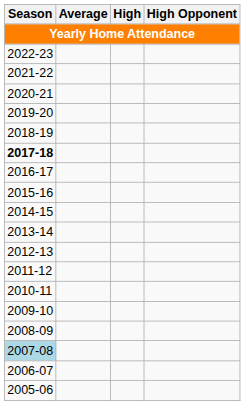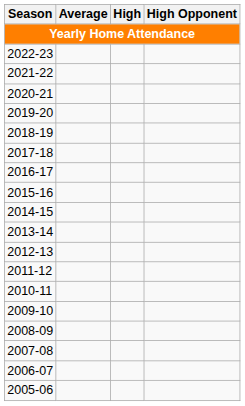 <table class="wikitable">
 <tr>
 <th>Season</th>
 <th>Average</th>
 <th>High</th>
 <th>High Opponent</th>
 </tr>
 <tr>
 <th colspan=4 style="background:#FF7F00; color:#FFFFFF;">Yearly Home Attendance</th>
 </tr>
 <tr>
 <td>2022-23</td>
 <td></td>
 <td></td>
 <td></td>
 </tr>
 <tr>
 <td>2021-22</td>
 <td></td>
 <td></td>
 <td></td>
 </tr>
 <tr>
 <td>2020-21</td>
 <td></td>
 <td></td>
 <td></td>
 </tr>
 <tr>
 <td>2019-20</td>
 <td></td>
 <td></td>
 <td></td>
 </tr>
 <tr>
 <td>2018-19</td>
 <td></td>
 <td></td>
 <td></td>
 </tr>
 <tr>
-<td><strong>2017-18</strong></td>
+<td>2017-18</td>
 <td></td>
 <td></td>
 <td></td>
 </tr>
 <tr>
 <td>2016-17</td>
 <td></td>
 <td></td>
 <td></td>
 </tr>
 <tr>
 <td>2015-16</td>
 <td></td>
 <td></td>
 <td></td>
 </tr>
 <tr>
 <td>2014-15</td>
 <td></td>
 <td></td>
 <td></td>
 </tr>
 <tr>
 <td>2013-14</td>
 <td></td>
 <td></td>
 <td></td>
 </tr>
 <tr>
 <td>2012-13</td>
 <td></td>
 <td></td>
 <td></td>
 </tr>
 <tr>
 <td>2011-12</td>
 <td></td>
 <td></td>
 <td></td>
 </tr>
 <tr>
 <td>2010-11</td>
 <td></td>
 <td></td>
 <td></td>
 </tr>
 <tr>
 <td>2009-10</td>
 <td></td>
 <td></td>
 <td></td>
 </tr>
 <tr>
 <td>2008-09</td>
 <td></td>
 <td></td>
 <td></td>
 </tr>
 <tr>
-<td style="background: lightblue;">2007-08</td>
+<td>2007-08</td>
 <td></td>
 <td></td>
 <td></td>
 </tr>
 <tr>
 <td>2006-07</td>
 <td></td>
 <td></td>
 <td></td>
 </tr>
 <tr>
 <td>2005-06</td>
 <td></td>
 <td></td>
 <td></td>
 </tr>
 </table>
